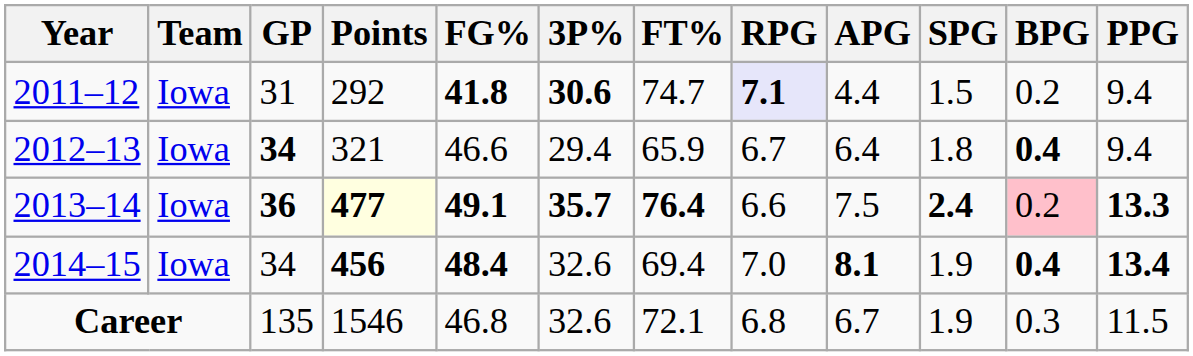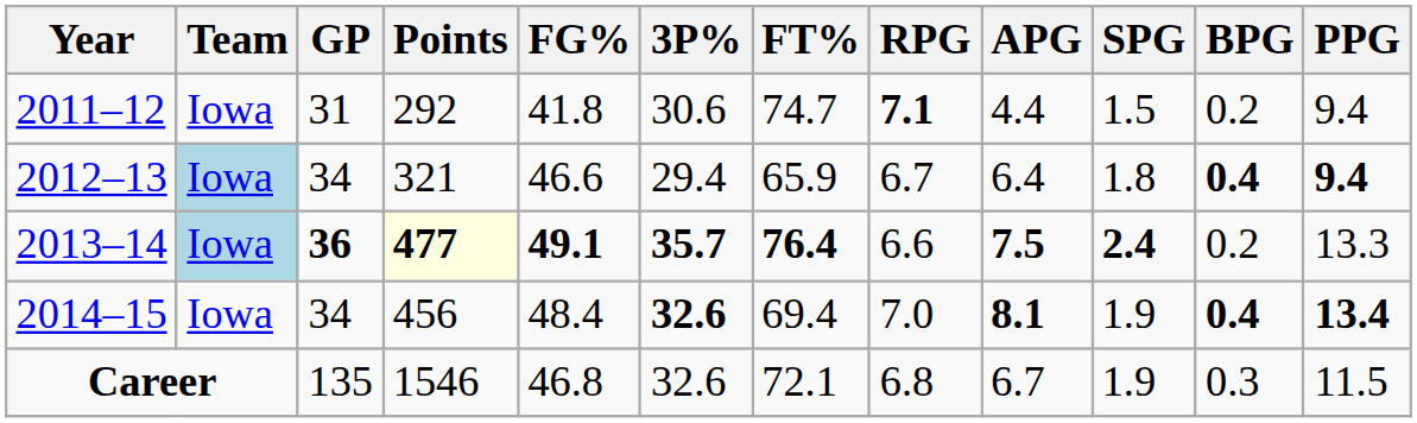 <table class="wikitable sortable">
 <tr>
 <th><strong>Year</strong></th>
 <th><strong>Team</strong></th>
 <th><strong>GP</strong></th>
 <th><strong>Points</strong></th>
 <th><strong>FG%</strong></th>
 <th><strong>3P%</strong></th>
 <th><strong>FT%</strong></th>
 <th><strong>RPG</strong></th>
 <th><strong>APG</strong></th>
 <th><strong>SPG</strong></th>
 <th><strong>BPG</strong></th>
 <th><strong>PPG</strong></th>
 </tr>
 <tr>
 <td><a href='#'>2011–12</a></td>
 <td><a href='#'>Iowa</a></td>
 <td>31</td>
 <td>292</td>
-<td><strong>41.8</strong></td>
-<td><strong>30.6</strong></td>
+<td>41.8</td>
+<td>30.6</td>
 <td>74.7</td>
-<td style="background: lavender;"><strong>7.1</strong></td>
+<td><strong>7.1</strong></td>
 <td>4.4</td>
 <td>1.5</td>
 <td>0.2</td>
 <td>9.4</td>
 </tr>
 <tr>
 <td><a href='#'>2012–13</a></td>
-<td><a href='#'>Iowa</a></td>
-<td><strong>34</strong></td>
+<td style="background: lightblue;"><a href='#'>Iowa</a></td>
+<td>34</td>
 <td>321</td>
 <td>46.6</td>
 <td>29.4</td>
 <td>65.9</td>
 <td>6.7</td>
 <td>6.4</td>
 <td>1.8</td>
 <td><strong>0.4</strong></td>
-<td>9.4</td>
+<td><strong>9.4</strong></td>
 </tr>
 <tr>
 <td><a href='#'>2013–14</a></td>
-<td><a href='#'>Iowa</a></td>
+<td style="background: lightblue;"><a href='#'>Iowa</a></td>
 <td><strong>36</strong></td>
 <td style="background: lightyellow;"><strong>477</strong></td>
 <td><strong>49.1</strong></td>
 <td><strong>35.7</strong></td>
 <td><strong>76.4</strong></td>
 <td>6.6</td>
-<td>7.5</td>
+<td><strong>7.5</strong></td>
 <td><strong>2.4</strong></td>
-<td style="background: pink;">0.2</td>
-<td><strong>13.3</strong></td>
+<td>0.2</td>
+<td>13.3</td>
 </tr>
 <tr>
 <td><a href='#'>2014–15</a></td>
 <td><a href='#'>Iowa</a></td>
 <td>34</td>
-<td><strong>456</strong></td>
-<td><strong>48.4</strong></td>
-<td>32.6</td>
+<td>456</td>
+<td>48.4</td>
+<td><strong>32.6</strong></td>
 <td>69.4</td>
 <td>7.0</td>
 <td><strong>8.1</strong></td>
 <td>1.9</td>
 <td><strong>0.4</strong></td>
 <td><strong>13.4</strong></td>
 </tr>
 <tr class="sortbottom">
 <td align=center colspan=2><strong>Career</strong></td>
 <td>135</td>
 <td>1546</td>
 <td>46.8</td>
 <td>32.6</td>
 <td>72.1</td>
 <td>6.8</td>
 <td>6.7</td>
 <td>1.9</td>
 <td>0.3</td>
 <td>11.5</td>
 </tr>
 </table>
